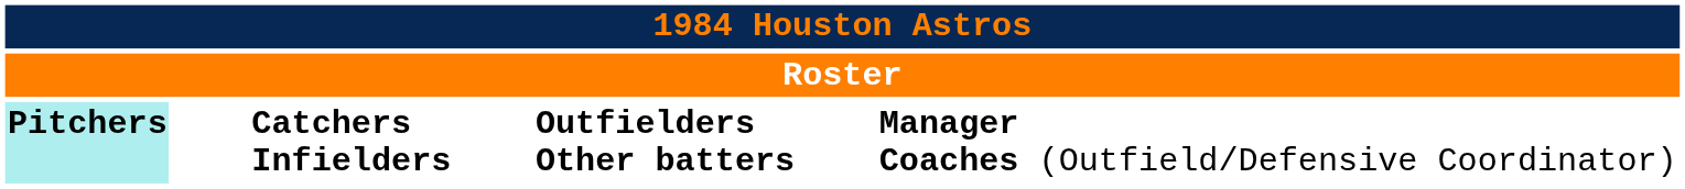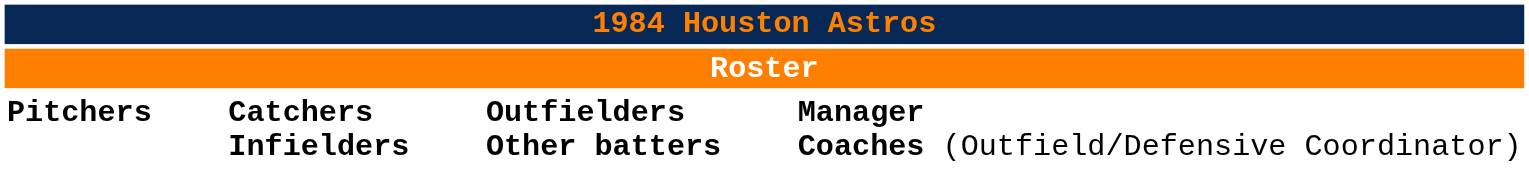 <table class="toccolours" style="text-align: left;">
 <tr>
 <th colspan="10" style="background-color: #072854; color: #FF7F00; text-align: center;">1984 Houston Astros</th>
 </tr>
 <tr>
 <td colspan="10" style="background-color: #FF7F00; color: white; text-align: center;"><strong>Roster</strong></td>
 </tr>
 <tr>
-<td valign="top" style="background: paleturquoise;"><strong>Pitchers</strong><br>             </td>
+<td valign="top"><strong>Pitchers</strong><br>             </td>
 <td width="25px"></td>
 <td valign="top"><strong>Catchers</strong><br>   <strong>Infielders</strong>            </td>
 <td width="25px"></td>
 <td valign="top"><strong>Outfielders</strong><br>      <strong>Other batters</strong> </td>
 <td width="25px"></td>
 <td valign="top"><strong>Manager</strong><br> <strong>Coaches</strong>  (Outfield/Defensive Coordinator)    </td>
 </tr>
 </table>
